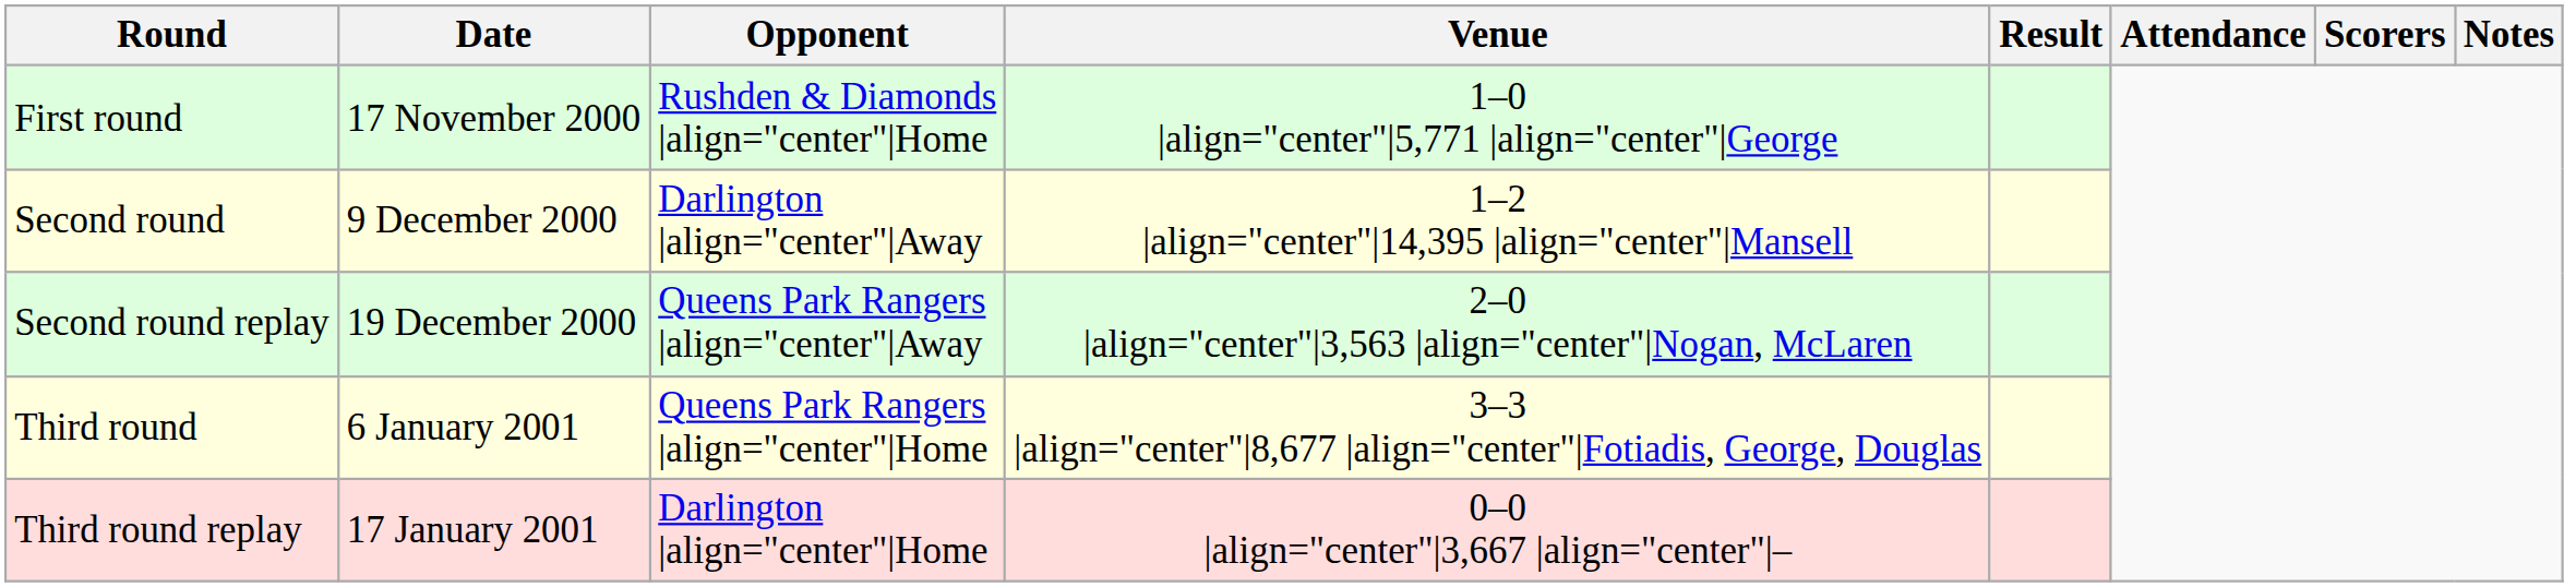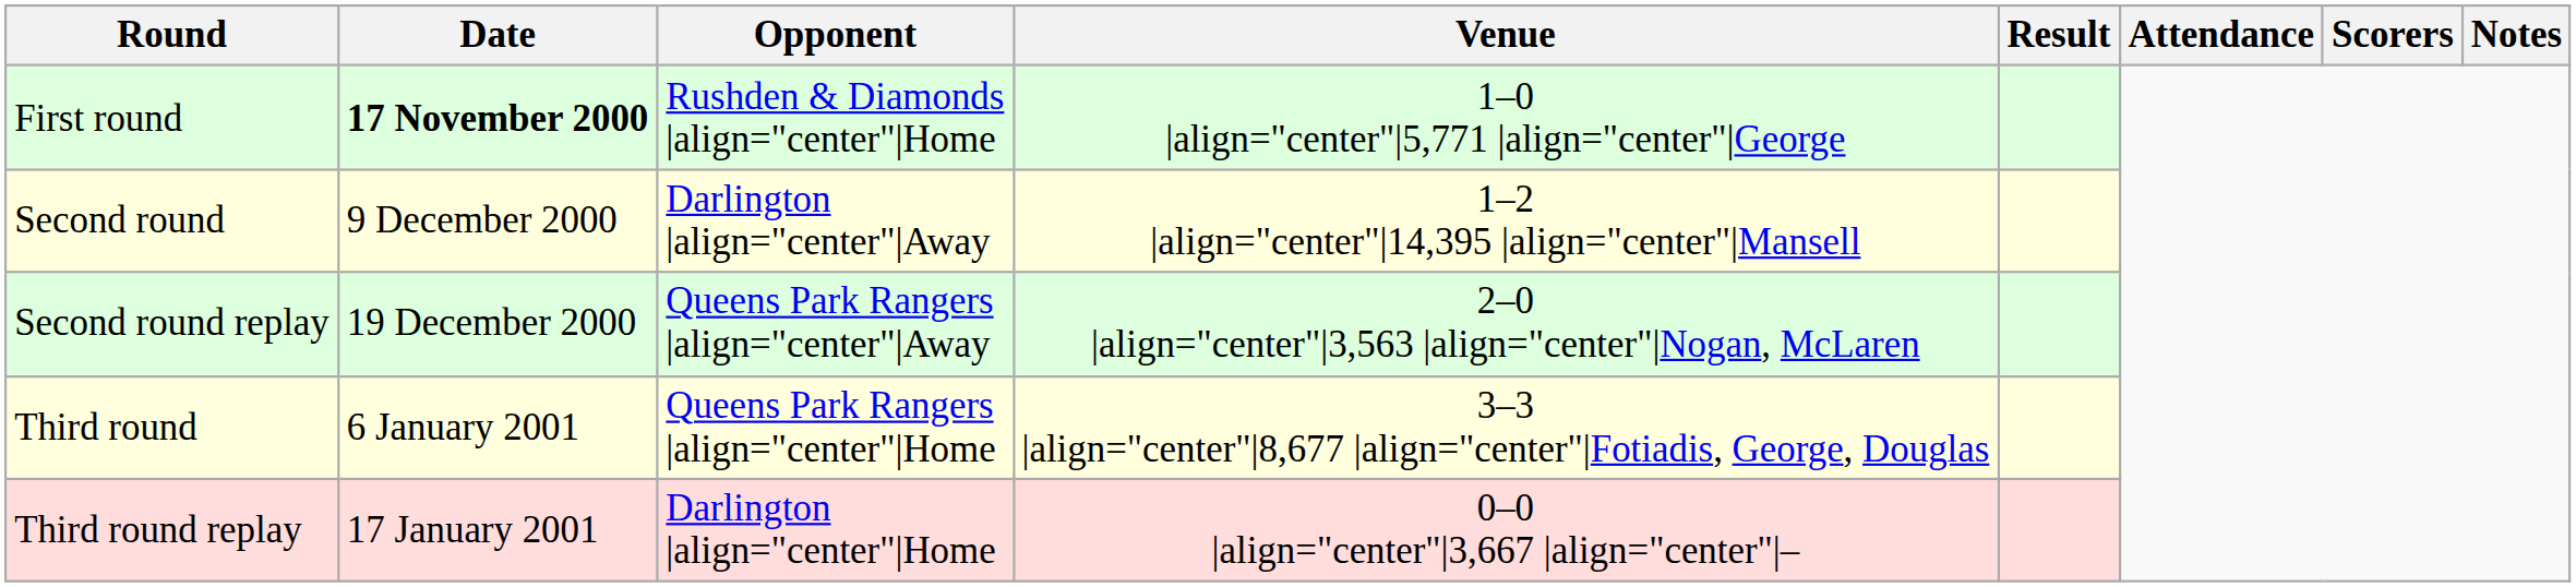 <table Class="wikitable">
 <tr>
 <th>Round</th>
 <th>Date</th>
 <th>Opponent</th>
 <th>Venue</th>
 <th>Result</th>
 <th>Attendance</th>
 <th>Scorers</th>
 <th>Notes</th>
 </tr>
 <tr style="background:#dfd;">
 <td>First round</td>
-<td>17 November 2000</td>
+<td><strong>17 November 2000</strong></td>
 <td><a href='#'>Rushden & Diamonds</a><br>|align="center"|Home</td>
 <td style="text-align:center;">1–0<br>|align="center"|5,771 |align="center"|<a href='#'>George</a></td>
 <td style="text-align:center;"></td>
 </tr>
 <tr style="background:#ffd;">
 <td>Second round</td>
 <td>9 December 2000</td>
 <td><a href='#'>Darlington</a><br>|align="center"|Away</td>
 <td style="text-align:center;">1–2<br>|align="center"|14,395 |align="center"|<a href='#'>Mansell</a></td>
 <td style="text-align:center;"></td>
 </tr>
 <tr style="background:#dfd;">
 <td>Second round replay</td>
 <td>19 December 2000</td>
 <td><a href='#'>Queens Park Rangers</a><br>|align="center"|Away</td>
 <td style="text-align:center;">2–0<br>|align="center"|3,563 |align="center"|<a href='#'>Nogan</a>, <a href='#'>McLaren</a></td>
 <td style="text-align:center;"></td>
 </tr>
 <tr style="background:#ffd;">
 <td>Third round</td>
 <td>6 January 2001</td>
 <td><a href='#'>Queens Park Rangers</a><br>|align="center"|Home</td>
 <td style="text-align:center;">3–3<br>|align="center"|8,677 |align="center"|<a href='#'>Fotiadis</a>, <a href='#'>George</a>, <a href='#'>Douglas</a></td>
 <td style="text-align:center;"></td>
 </tr>
 <tr style="background:#fdd;">
 <td>Third round replay</td>
 <td>17 January 2001</td>
 <td><a href='#'>Darlington</a><br>|align="center"|Home</td>
 <td style="text-align:center;">0–0<br>|align="center"|3,667 |align="center"|–</td>
 <td style="text-align:center;"></td>
 </tr>
 </table>
